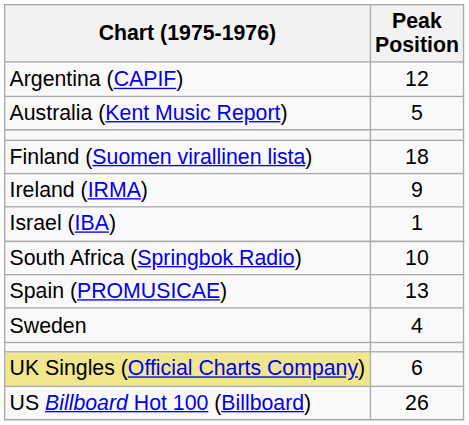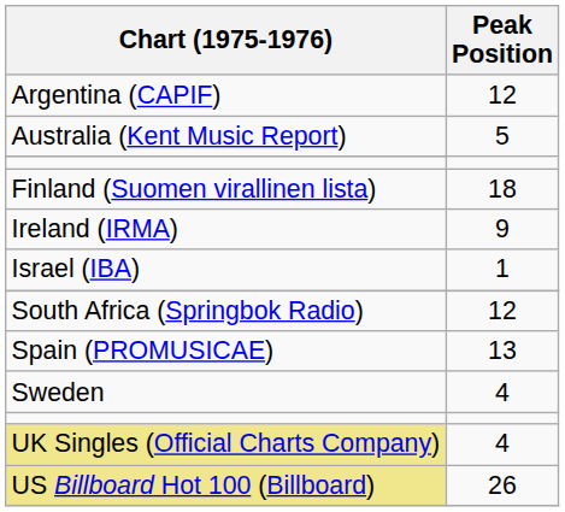 <table class="wikitable sortable">
 <tr>
 <th>Chart (1975-1976)</th>
 <th>Peak<br>Position</th>
 </tr>
 <tr>
 <td>Argentina (<a href='#'>CAPIF</a>) </td>
 <td align="center">12</td>
 </tr>
 <tr>
 <td>Australia (<a href='#'>Kent Music Report</a>)</td>
 <td align="center">5</td>
 </tr>
 <tr>
 </tr>
 <tr>
 </tr>
 <tr>
 </tr>
 <tr>
 <td></td>
 </tr>
 <tr>
 <td>Finland (<a href='#'>Suomen virallinen lista</a>)</td>
 <td style="text-align:center;">18</td>
 </tr>
 <tr>
 <td>Ireland (<a href='#'>IRMA</a>)</td>
 <td style="text-align:center;">9</td>
 </tr>
 <tr>
 <td>Israel (<a href='#'>IBA</a>)</td>
 <td style="text-align:center;">1</td>
 </tr>
 <tr>
 </tr>
 <tr>
 </tr>
 <tr>
 </tr>
 <tr>
 </tr>
 <tr>
 <td>South Africa (<a href='#'>Springbok Radio</a>)</td>
-<td align="center">10</td>
+<td align="center">12</td>
 </tr>
 <tr>
 <td>Spain (<a href='#'>PROMUSICAE</a>)</td>
 <td align="center">13</td>
 </tr>
 <tr>
 <td>Sweden</td>
 <td style="text-align:center;">4</td>
 </tr>
 <tr>
 <td></td>
 </tr>
 <tr>
 <td style="background: khaki;">UK Singles (<a href='#'>Official Charts Company</a>)</td>
-<td style="text-align:center;">6</td>
+<td style="text-align:center;">4</td>
 </tr>
 <tr>
-<td>US <a href='#'><em>Billboard</em> Hot 100</a> (<a href='#'>Billboard</a>)</td>
+<td style="background: khaki;">US <a href='#'><em>Billboard</em> Hot 100</a> (<a href='#'>Billboard</a>)</td>
 <td align="center">26</td>
 </tr>
 <tr>
 </tr>
 </table>
